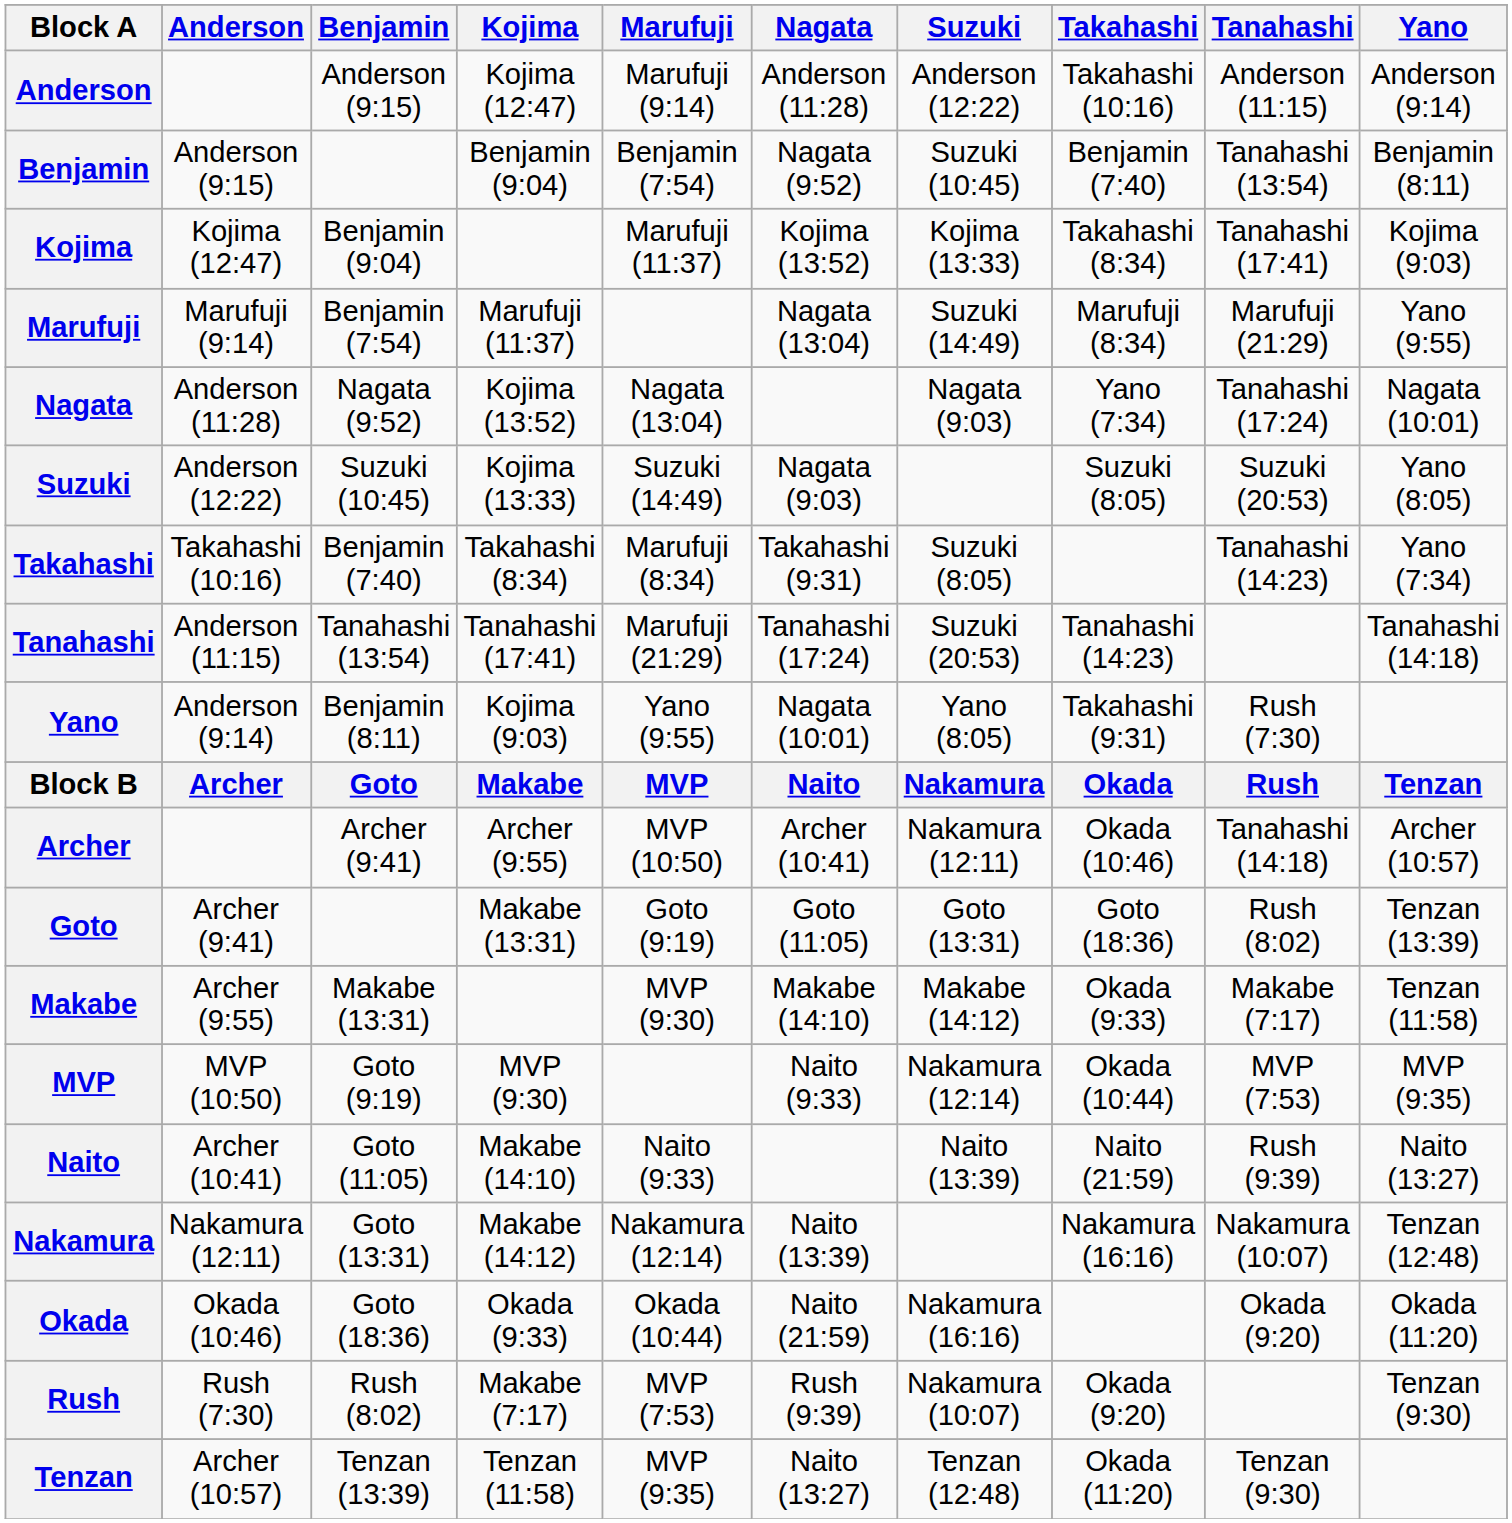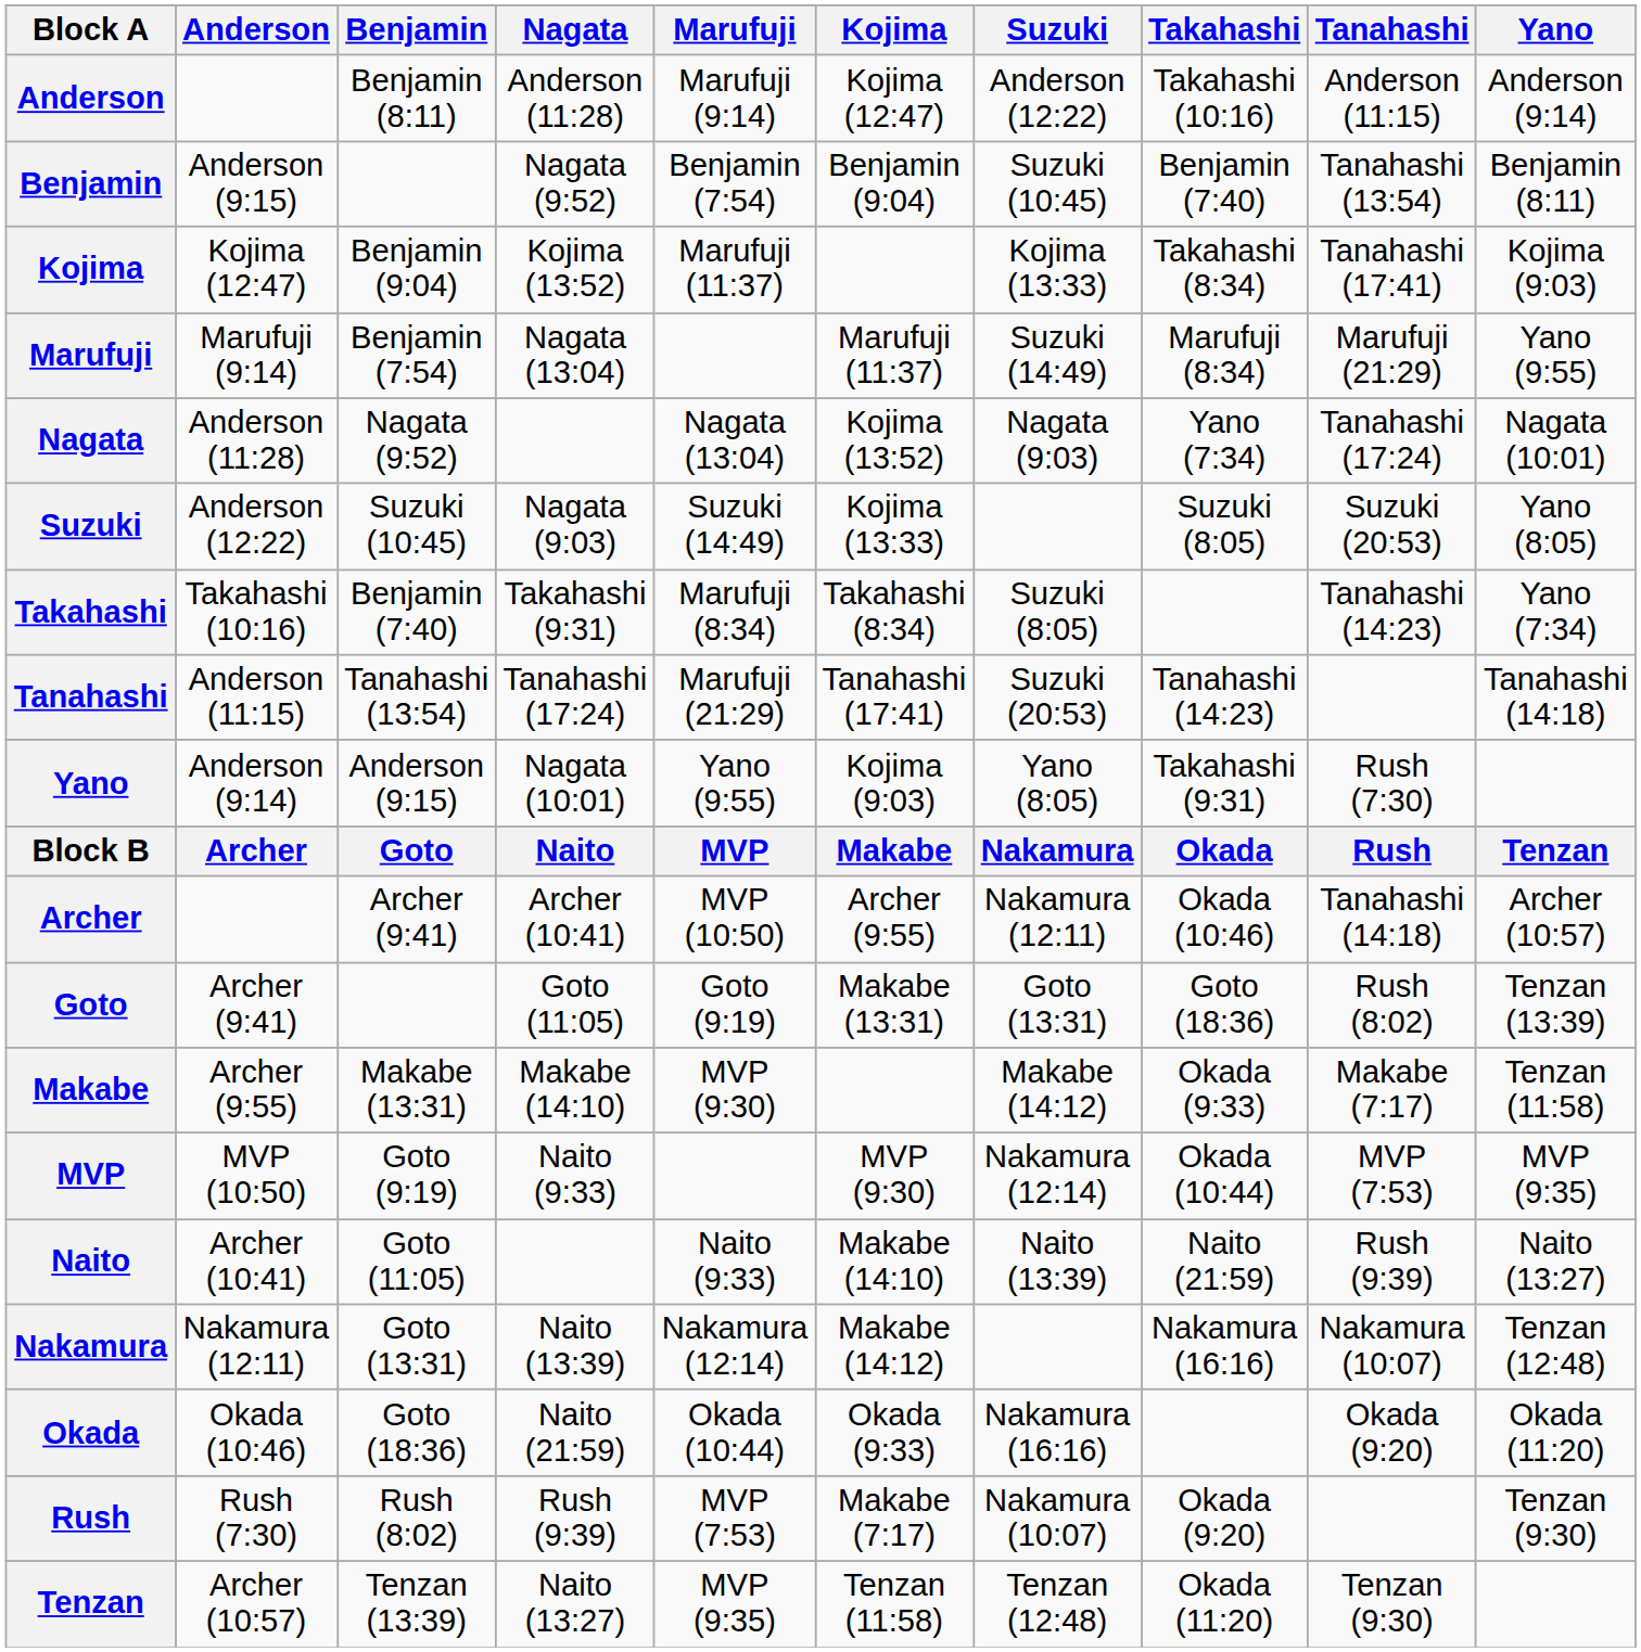 <table class="wikitable" align=center style="margin: 1em auto 1em auto">
 <tr align="center">
 <th>Block A</th>
 <th><a href='#'>Anderson</a></th>
 <th><a href='#'>Benjamin</a></th>
+<th><a href='#'>Nagata</a></th>
+<th><a href='#'>Marufuji</a></th>
 <th><a href='#'>Kojima</a></th>
-<th><a href='#'>Marufuji</a></th>
-<th><a href='#'>Nagata</a></th>
 <th><a href='#'>Suzuki</a></th>
 <th><a href='#'>Takahashi</a></th>
 <th><a href='#'>Tanahashi</a></th>
 <th><a href='#'>Yano</a></th>
 </tr>
 <tr align="center">
 <th><a href='#'>Anderson</a></th>
 <td></td>
-<td>Anderson<br>(9:15)</td>
+<td>Benjamin<br>(8:11)</td>
+<td>Anderson<br>(11:28)</td>
+<td>Marufuji<br>(9:14)</td>
 <td>Kojima<br>(12:47)</td>
-<td>Marufuji<br>(9:14)</td>
-<td>Anderson<br>(11:28)</td>
 <td>Anderson<br>(12:22)</td>
 <td>Takahashi<br>(10:16)</td>
 <td>Anderson<br>(11:15)</td>
 <td>Anderson<br>(9:14)</td>
 </tr>
 <tr align="center">
 <th><a href='#'>Benjamin</a></th>
 <td>Anderson<br>(9:15)</td>
 <td></td>
+<td>Nagata<br>(9:52)</td>
+<td>Benjamin<br>(7:54)</td>
 <td>Benjamin<br>(9:04)</td>
-<td>Benjamin<br>(7:54)</td>
-<td>Nagata<br>(9:52)</td>
 <td>Suzuki<br>(10:45)</td>
 <td>Benjamin<br>(7:40)</td>
 <td>Tanahashi<br>(13:54)</td>
 <td>Benjamin<br>(8:11)</td>
 </tr>
 <tr align="center">
 <th><a href='#'>Kojima</a></th>
 <td>Kojima<br>(12:47)</td>
 <td>Benjamin<br>(9:04)</td>
+<td>Kojima<br>(13:52)</td>
+<td>Marufuji<br>(11:37)</td>
 <td></td>
-<td>Marufuji<br>(11:37)</td>
-<td>Kojima<br>(13:52)</td>
 <td>Kojima<br>(13:33)</td>
 <td>Takahashi<br>(8:34)</td>
 <td>Tanahashi<br>(17:41)</td>
 <td>Kojima<br>(9:03)</td>
 </tr>
 <tr align="center">
 <th><a href='#'>Marufuji</a></th>
 <td>Marufuji<br>(9:14)</td>
 <td>Benjamin<br>(7:54)</td>
+<td>Nagata<br>(13:04)</td>
+<td></td>
 <td>Marufuji<br>(11:37)</td>
-<td></td>
-<td>Nagata<br>(13:04)</td>
 <td>Suzuki<br>(14:49)</td>
 <td>Marufuji<br>(8:34)</td>
 <td>Marufuji<br>(21:29)</td>
 <td>Yano<br>(9:55)</td>
 </tr>
 <tr align="center">
 <th><a href='#'>Nagata</a></th>
 <td>Anderson<br>(11:28)</td>
 <td>Nagata<br>(9:52)</td>
+<td></td>
+<td>Nagata<br>(13:04)</td>
 <td>Kojima<br>(13:52)</td>
-<td>Nagata<br>(13:04)</td>
-<td></td>
 <td>Nagata<br>(9:03)</td>
 <td>Yano<br>(7:34)</td>
 <td>Tanahashi<br>(17:24)</td>
 <td>Nagata<br>(10:01)</td>
 </tr>
 <tr align="center">
 <th><a href='#'>Suzuki</a></th>
 <td>Anderson<br>(12:22)</td>
 <td>Suzuki<br>(10:45)</td>
+<td>Nagata<br>(9:03)</td>
+<td>Suzuki<br>(14:49)</td>
 <td>Kojima<br>(13:33)</td>
-<td>Suzuki<br>(14:49)</td>
-<td>Nagata<br>(9:03)</td>
 <td></td>
 <td>Suzuki<br>(8:05)</td>
 <td>Suzuki<br>(20:53)</td>
 <td>Yano<br>(8:05)</td>
 </tr>
 <tr align="center">
 <th><a href='#'>Takahashi</a></th>
 <td>Takahashi<br>(10:16)</td>
 <td>Benjamin<br>(7:40)</td>
+<td>Takahashi<br>(9:31)</td>
+<td>Marufuji<br>(8:34)</td>
 <td>Takahashi<br>(8:34)</td>
-<td>Marufuji<br>(8:34)</td>
-<td>Takahashi<br>(9:31)</td>
 <td>Suzuki<br>(8:05)</td>
 <td></td>
 <td>Tanahashi<br>(14:23)</td>
 <td>Yano<br>(7:34)</td>
 </tr>
 <tr align="center">
 <th><a href='#'>Tanahashi</a></th>
 <td>Anderson<br>(11:15)</td>
 <td>Tanahashi<br>(13:54)</td>
+<td>Tanahashi<br>(17:24)</td>
+<td>Marufuji<br>(21:29)</td>
 <td>Tanahashi<br>(17:41)</td>
-<td>Marufuji<br>(21:29)</td>
-<td>Tanahashi<br>(17:24)</td>
 <td>Suzuki<br>(20:53)</td>
 <td>Tanahashi<br>(14:23)</td>
 <td></td>
 <td>Tanahashi<br>(14:18)</td>
 </tr>
 <tr align="center">
 <th><a href='#'>Yano</a></th>
 <td>Anderson<br>(9:14)</td>
-<td>Benjamin<br>(8:11)</td>
+<td>Anderson<br>(9:15)</td>
+<td>Nagata<br>(10:01)</td>
+<td>Yano<br>(9:55)</td>
 <td>Kojima<br>(9:03)</td>
-<td>Yano<br>(9:55)</td>
-<td>Nagata<br>(10:01)</td>
 <td>Yano<br>(8:05)</td>
 <td>Takahashi<br>(9:31)</td>
 <td>Rush<br>(7:30)</td>
 <td></td>
 </tr>
 <tr align="center">
 <th>Block B</th>
 <th><a href='#'>Archer</a></th>
 <th><a href='#'>Goto</a></th>
+<th><a href='#'>Naito</a></th>
+<th><a href='#'>MVP</a></th>
 <th><a href='#'>Makabe</a></th>
-<th><a href='#'>MVP</a></th>
-<th><a href='#'>Naito</a></th>
 <th><a href='#'>Nakamura</a></th>
 <th><a href='#'>Okada</a></th>
 <th><a href='#'>Rush</a></th>
 <th><a href='#'>Tenzan</a></th>
 </tr>
 <tr align="center">
 <th><a href='#'>Archer</a></th>
 <td></td>
 <td>Archer<br>(9:41)</td>
+<td>Archer<br>(10:41)</td>
+<td>MVP<br>(10:50)</td>
 <td>Archer<br>(9:55)</td>
-<td>MVP<br>(10:50)</td>
-<td>Archer<br>(10:41)</td>
 <td>Nakamura<br>(12:11)</td>
 <td>Okada<br>(10:46)</td>
 <td>Tanahashi<br>(14:18)</td>
 <td>Archer<br>(10:57)</td>
 </tr>
 <tr align="center">
 <th><a href='#'>Goto</a></th>
 <td>Archer<br>(9:41)</td>
 <td></td>
+<td>Goto<br>(11:05)</td>
+<td>Goto<br>(9:19)</td>
 <td>Makabe<br>(13:31)</td>
-<td>Goto<br>(9:19)</td>
-<td>Goto<br>(11:05)</td>
 <td>Goto<br>(13:31)</td>
 <td>Goto<br>(18:36)</td>
 <td>Rush<br>(8:02)</td>
 <td>Tenzan<br>(13:39)</td>
 </tr>
 <tr align="center">
 <th><a href='#'>Makabe</a></th>
 <td>Archer<br>(9:55)</td>
 <td>Makabe<br>(13:31)</td>
+<td>Makabe<br>(14:10)</td>
+<td>MVP<br>(9:30)</td>
 <td></td>
-<td>MVP<br>(9:30)</td>
-<td>Makabe<br>(14:10)</td>
 <td>Makabe<br>(14:12)</td>
 <td>Okada<br>(9:33)</td>
 <td>Makabe<br>(7:17)</td>
 <td>Tenzan<br>(11:58)</td>
 </tr>
 <tr align="center">
 <th><a href='#'>MVP</a></th>
 <td>MVP<br>(10:50)</td>
 <td>Goto<br>(9:19)</td>
+<td>Naito<br>(9:33)</td>
+<td></td>
 <td>MVP<br>(9:30)</td>
-<td></td>
-<td>Naito<br>(9:33)</td>
 <td>Nakamura<br>(12:14)</td>
 <td>Okada<br>(10:44)</td>
 <td>MVP<br>(7:53)</td>
 <td>MVP<br>(9:35)</td>
 </tr>
 <tr align="center">
 <th><a href='#'>Naito</a></th>
 <td>Archer<br>(10:41)</td>
 <td>Goto<br>(11:05)</td>
+<td></td>
+<td>Naito<br>(9:33)</td>
 <td>Makabe<br>(14:10)</td>
-<td>Naito<br>(9:33)</td>
-<td></td>
 <td>Naito<br>(13:39)</td>
 <td>Naito<br>(21:59)</td>
 <td>Rush<br>(9:39)</td>
 <td>Naito<br>(13:27)</td>
 </tr>
 <tr align="center">
 <th><a href='#'>Nakamura</a></th>
 <td>Nakamura<br>(12:11)</td>
 <td>Goto<br>(13:31)</td>
+<td>Naito<br>(13:39)</td>
+<td>Nakamura<br>(12:14)</td>
 <td>Makabe<br>(14:12)</td>
-<td>Nakamura<br>(12:14)</td>
-<td>Naito<br>(13:39)</td>
 <td></td>
 <td>Nakamura<br>(16:16)</td>
 <td>Nakamura<br>(10:07)</td>
 <td>Tenzan<br>(12:48)</td>
 </tr>
 <tr align="center">
 <th><a href='#'>Okada</a></th>
 <td>Okada<br>(10:46)</td>
 <td>Goto<br>(18:36)</td>
+<td>Naito<br>(21:59)</td>
+<td>Okada<br>(10:44)</td>
 <td>Okada<br>(9:33)</td>
-<td>Okada<br>(10:44)</td>
-<td>Naito<br>(21:59)</td>
 <td>Nakamura<br>(16:16)</td>
 <td></td>
 <td>Okada<br>(9:20)</td>
 <td>Okada<br>(11:20)</td>
 </tr>
 <tr align="center">
 <th><a href='#'>Rush</a></th>
 <td>Rush<br>(7:30)</td>
 <td>Rush<br>(8:02)</td>
+<td>Rush<br>(9:39)</td>
+<td>MVP<br>(7:53)</td>
 <td>Makabe<br>(7:17)</td>
-<td>MVP<br>(7:53)</td>
-<td>Rush<br>(9:39)</td>
 <td>Nakamura<br>(10:07)</td>
 <td>Okada<br>(9:20)</td>
 <td></td>
 <td>Tenzan<br>(9:30)</td>
 </tr>
 <tr align="center">
 <th><a href='#'>Tenzan</a></th>
 <td>Archer<br>(10:57)</td>
 <td>Tenzan<br>(13:39)</td>
+<td>Naito<br>(13:27)</td>
+<td>MVP<br>(9:35)</td>
 <td>Tenzan<br>(11:58)</td>
-<td>MVP<br>(9:35)</td>
-<td>Naito<br>(13:27)</td>
 <td>Tenzan<br>(12:48)</td>
 <td>Okada<br>(11:20)</td>
 <td>Tenzan<br>(9:30)</td>
 <td></td>
 </tr>
 </table>
